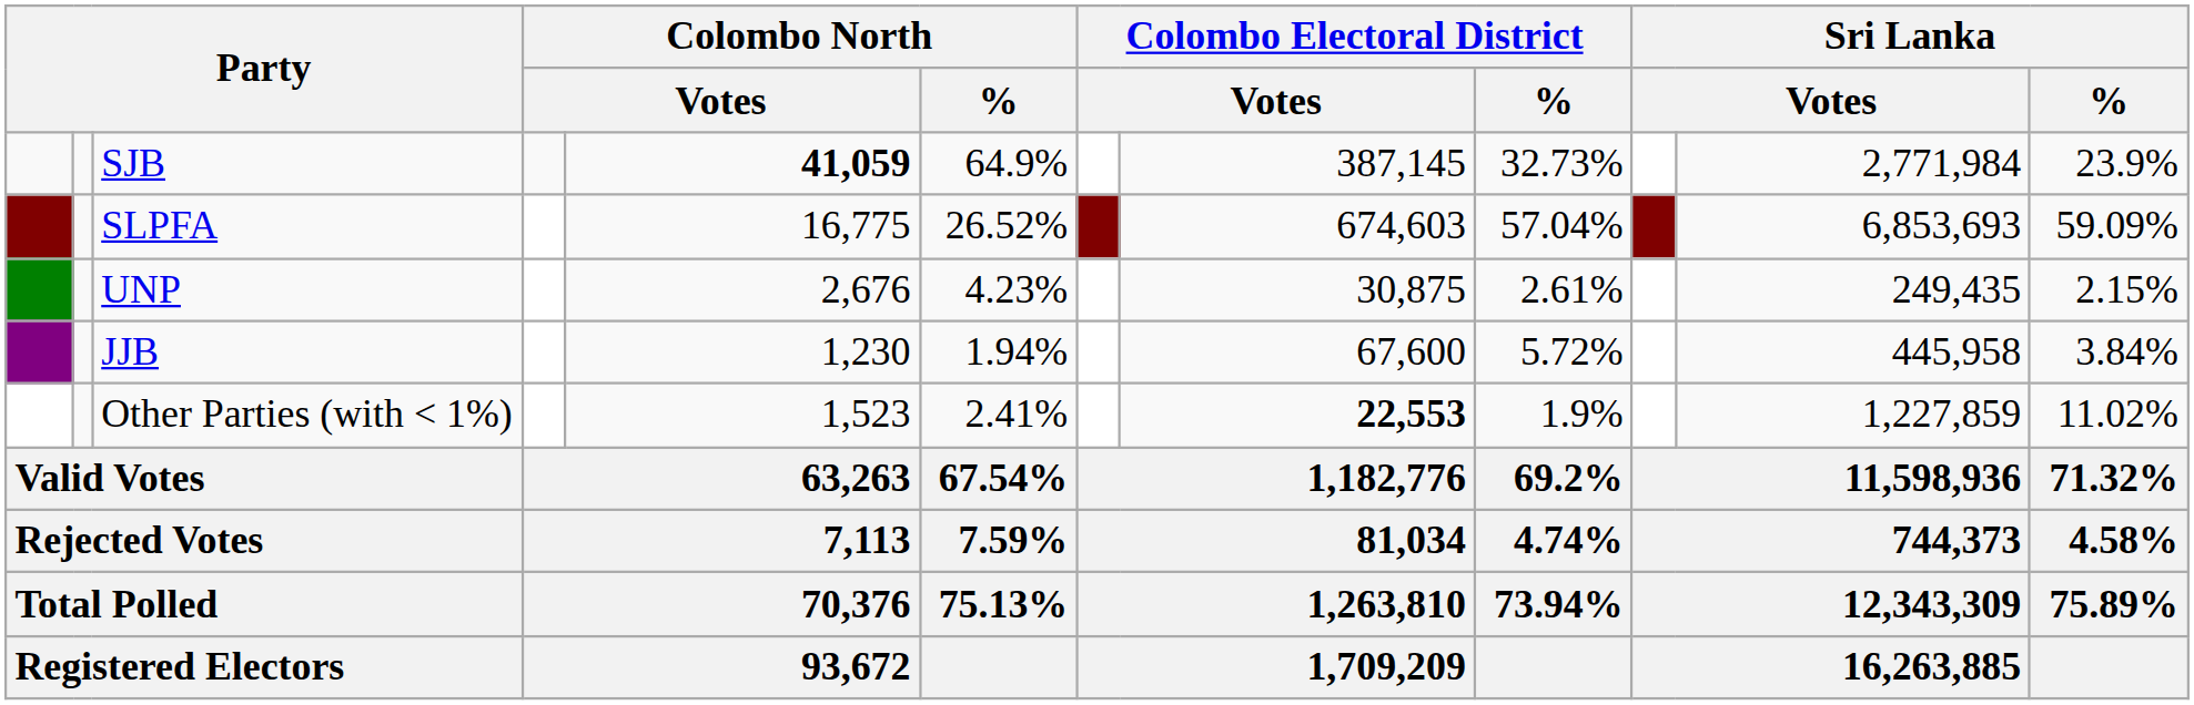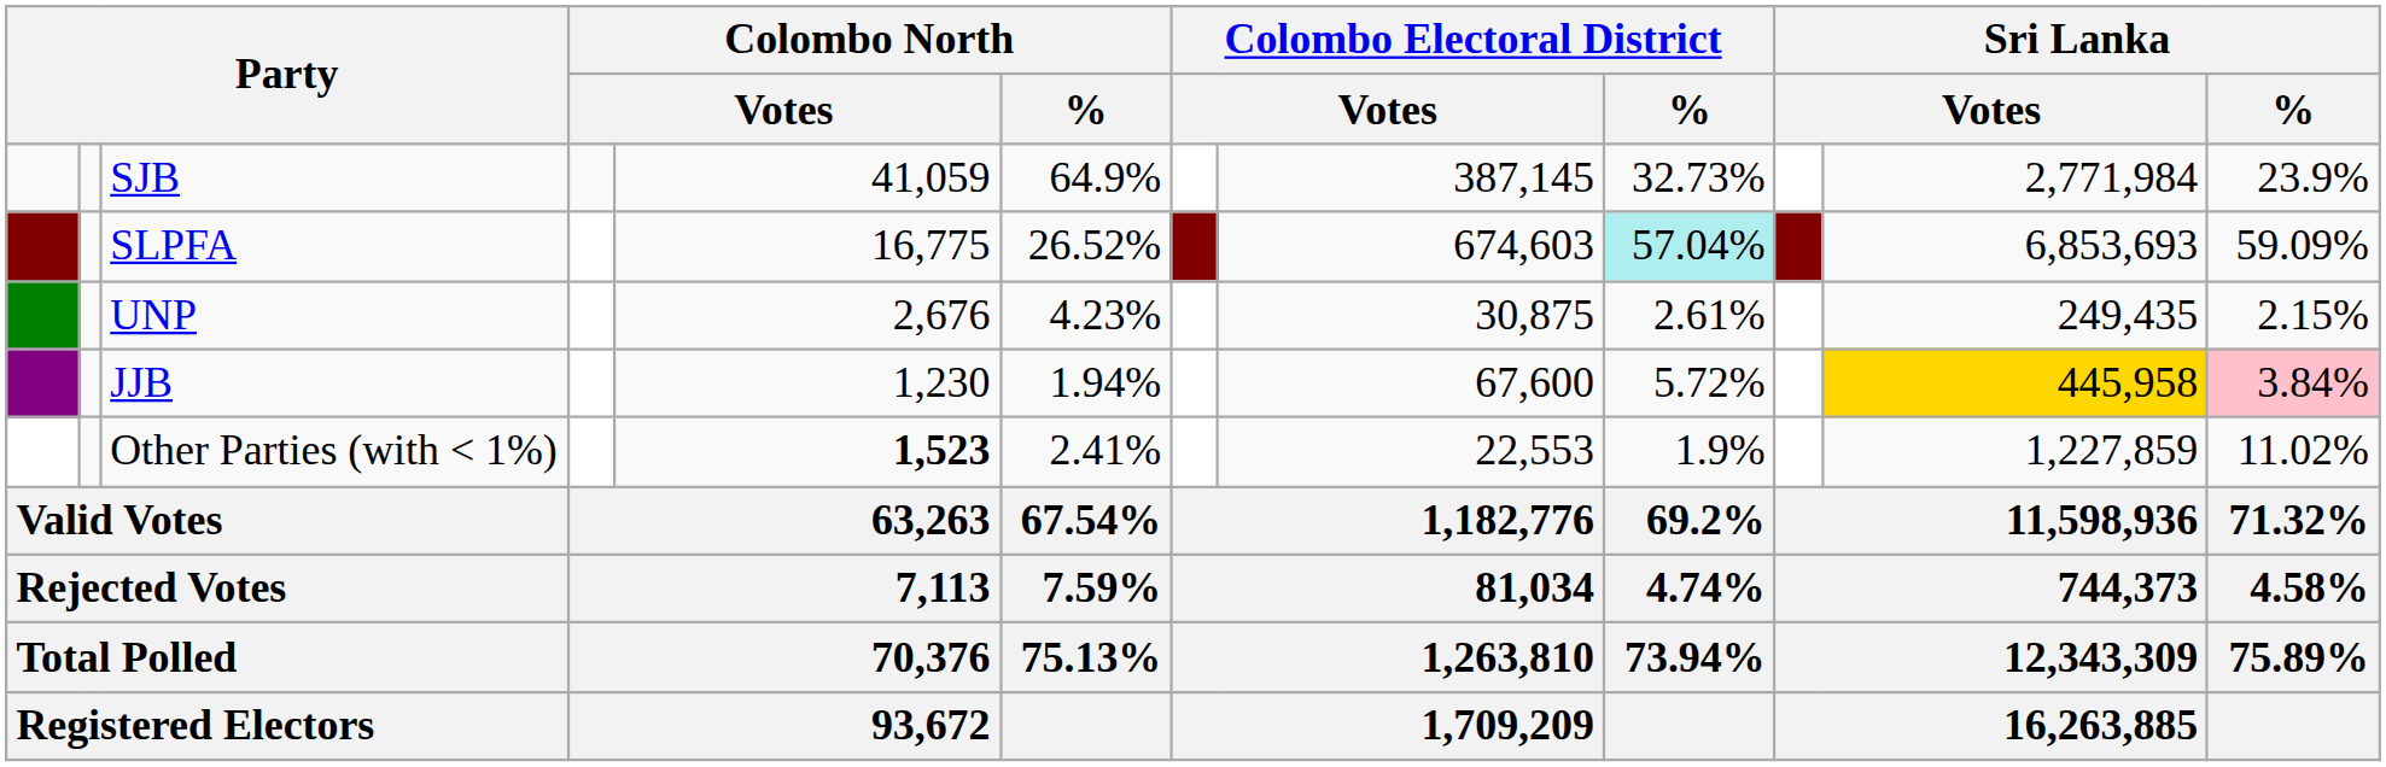 <table class="wikitable">
 <tr>
 <th colspan="3" width="144px"rowspan="2">Party</th>
 <th colspan="3" width="216px">Colombo North</th>
 <th colspan="3" width="216px"><a href='#'>Colombo Electoral District</a></th>
 <th colspan="3" width="216px">Sri Lanka</th>
 </tr>
 <tr>
 <th colspan="2" width="144px">Votes</th>
 <th>%</th>
 <th colspan="2" width="144px">Votes</th>
 <th>%</th>
 <th colspan="2" width="144px">Votes</th>
 <th>%</th>
 </tr>
 <tr>
 <td style="background-color:"></td>
 <td></td>
 <td style="text-align:left;"><a href='#'>SJB</a></td>
 <td style="background-color:"></td>
-<td style="text-align:right;"><strong>41,059</strong></td>
+<td style="text-align:right;">41,059</td>
 <td style="text-align:right;">64.9%</td>
 <td style="background-color:white;" width="10px"></td>
 <td style="text-align:right;">387,145</td>
 <td style="text-align:right;">32.73%</td>
 <td style="background-color:white;" width="10px"></td>
 <td style="text-align:right;">2,771,984</td>
 <td style="text-align:right;">23.9%</td>
 </tr>
 <tr>
 <td style="background-color:maroon;" width="20px"></td>
 <td></td>
 <td style="text-align:left;"><a href='#'>SLPFA</a></td>
 <td style="background-color:white;" width="10px"></td>
 <td style="text-align:right;">16,775</td>
 <td style="text-align:right;">26.52%</td>
 <td style="background-color:maroon;" width="10px"></td>
 <td style="text-align:right;">674,603</td>
-<td style="text-align:right;">57.04%</td>
+<td style="background: paleturquoise; text-align:right;">57.04%</td>
 <td style="background-color:maroon;" width="10px"></td>
 <td style="text-align:right;">6,853,693</td>
 <td style="text-align:right;">59.09%</td>
 </tr>
 <tr>
 <td style="background-color:green;" width="20px"></td>
 <td></td>
 <td style="text-align:left;"><a href='#'>UNP</a></td>
 <td style="background-color:white;" width="10px"></td>
 <td style="text-align:right;">2,676</td>
 <td style="text-align:right;">4.23%</td>
 <td style="background-color:white;" width="10px"></td>
 <td style="text-align:right;">30,875</td>
 <td style="text-align:right;">2.61%</td>
 <td style="background-color:white;" width="10px"></td>
 <td style="text-align:right;">249,435</td>
 <td style="text-align:right;">2.15%</td>
 </tr>
 <tr>
 <td style="background-color:purple;" width="20px"></td>
 <td></td>
 <td style="text-align:left;"><a href='#'>JJB</a></td>
 <td style="background-color:white;" width="10px"></td>
 <td style="text-align:right;">1,230</td>
 <td style="text-align:right;">1.94%</td>
 <td style="background-color:white;" width="10px"></td>
 <td style="text-align:right;">67,600</td>
 <td style="text-align:right;">5.72%</td>
 <td style="background-color:white;" width="10px"></td>
-<td style="text-align:right;">445,958</td>
-<td style="text-align:right;">3.84%</td>
+<td style="background: gold; text-align:right;">445,958</td>
+<td style="background: pink; text-align:right;">3.84%</td>
 </tr>
 <tr>
 <td style="background-color:white;" width="20px"></td>
 <td></td>
 <td style="text-align:left;">Other Parties (with < 1%)</td>
 <td style="background-color:white;" width="10px"></td>
-<td style="text-align:right;">1,523</td>
+<td style="text-align:right;"><strong>1,523</strong></td>
 <td style="text-align:right;">2.41%</td>
 <td style="background-color:white;" width="10px"></td>
-<td style="text-align:right;"><strong>22,553</strong></td>
+<td style="text-align:right;">22,553</td>
 <td style="text-align:right;">1.9%</td>
 <td style="background-color:white;" width="10px"></td>
 <td style="text-align:right;">1,227,859</td>
 <td style="text-align:right;">11.02%</td>
 </tr>
 <tr>
 <th colspan="3" width="144px"style="text-align:left;">Valid Votes</th>
 <th style="text-align:right;"colspan="2" width="144px">63,263</th>
 <th style="text-align:right;">67.54%</th>
 <th style="text-align:right;"colspan="2" width="144px">1,182,776</th>
 <th style="text-align:right;">69.2%</th>
 <th style="text-align:right;"colspan="2" width="144px">11,598,936</th>
 <th style="text-align:right;">71.32%</th>
 </tr>
 <tr>
 <th colspan="3" width="144px"style="text-align:left;">Rejected Votes</th>
 <th style="text-align:right;"colspan="2" width="144px">7,113</th>
 <th style="text-align:right;">7.59%</th>
 <th style="text-align:right;"colspan="2" width="144px">81,034</th>
 <th style="text-align:right;">4.74%</th>
 <th style="text-align:right;"colspan="2" width="144px">744,373</th>
 <th style="text-align:right;">4.58%</th>
 </tr>
 <tr>
 <th colspan="3" width="144px"style="text-align:left;">Total Polled</th>
 <th style="text-align:right;"colspan="2" width="144px">70,376</th>
 <th style="text-align:right;">75.13%</th>
 <th style="text-align:right;"colspan="2" width="144px">1,263,810</th>
 <th style="text-align:right;">73.94%</th>
 <th style="text-align:right;"colspan="2" width="144px">12,343,309</th>
 <th style="text-align:right;">75.89%</th>
 </tr>
 <tr>
 <th colspan="3" width="144px"style="text-align:left;">Registered Electors</th>
 <th style="text-align:right;"colspan="2" width="144px">93,672</th>
 <th></th>
 <th style="text-align:right;"colspan="2" width="144px">1,709,209</th>
 <th></th>
 <th style="text-align:right;"colspan="2" width="144px">16,263,885</th>
 <th></th>
 </tr>
 </table>
